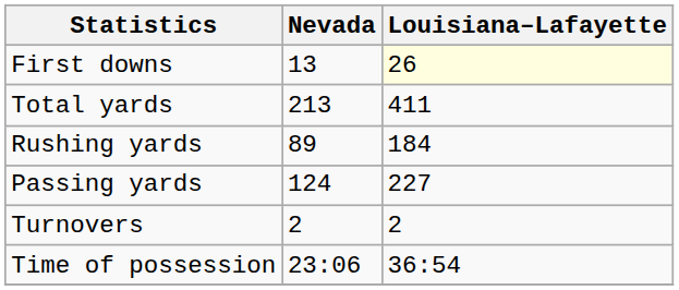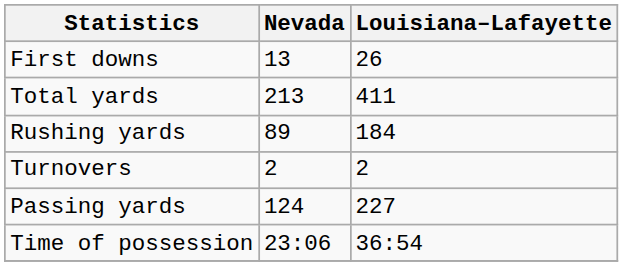 <table class="wikitable">
 <tr>
 <th>Statistics</th>
 <th>Nevada</th>
 <th>Louisiana–Lafayette</th>
 </tr>
 <tr>
 <td>First downs</td>
 <td>13</td>
-<td style="background: lightyellow;">26</td>
+<td>26</td>
 </tr>
 <tr>
 <td>Total yards</td>
 <td>213</td>
 <td>411</td>
 </tr>
 <tr>
 <td>Rushing yards</td>
 <td>89</td>
 <td>184</td>
 </tr>
 <tr>
+<td>Turnovers</td>
+<td>2</td>
+<td>2</td>
+</tr>
+<tr>
 <td>Passing yards</td>
 <td>124</td>
 <td>227</td>
-</tr>
-<tr>
-<td>Turnovers</td>
-<td>2</td>
-<td>2</td>
 </tr>
 <tr>
 <td>Time of possession</td>
 <td>23:06</td>
 <td>36:54</td>
 </tr>
 <tr>
 </tr>
 </table>
